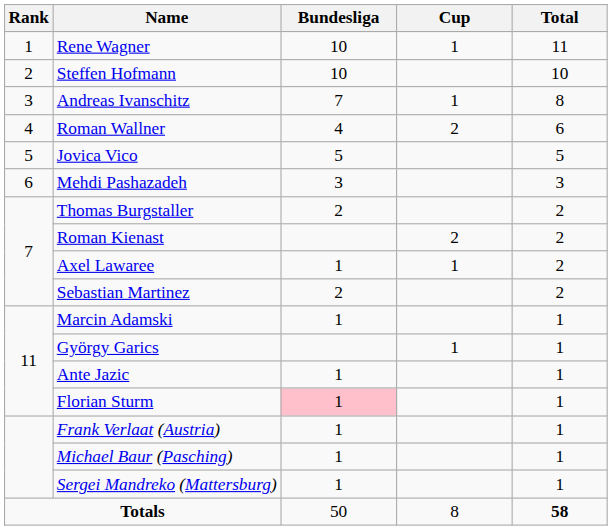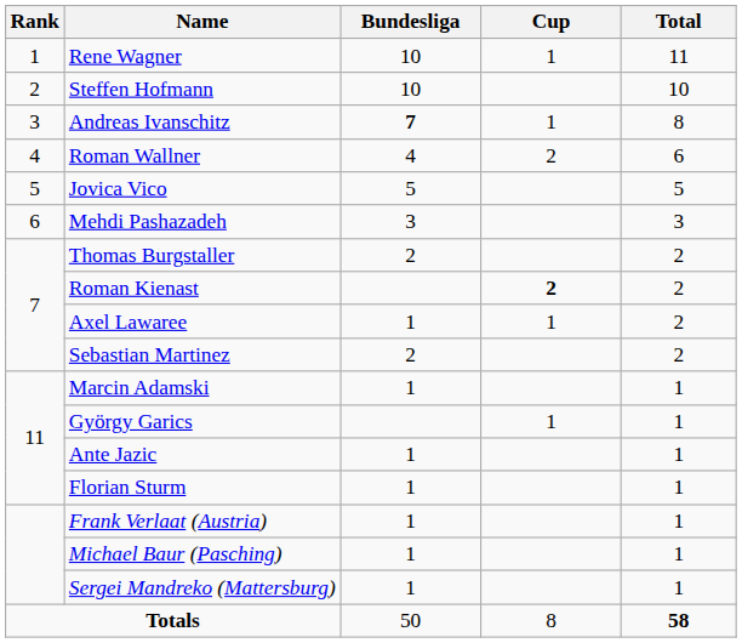 <table class="wikitable" style="text-align: center;">
 <tr>
 <th>Rank</th>
 <th>Name</th>
 <th width=100>Bundesliga</th>
 <th width=100>Cup</th>
 <th width=80><strong>Total</strong></th>
 </tr>
 <tr>
 <td>1</td>
 <td align="left"> <a href='#'>Rene Wagner</a></td>
 <td>10</td>
 <td>1</td>
 <td>11</td>
 </tr>
 <tr>
 <td>2</td>
 <td align="left"> <a href='#'>Steffen Hofmann</a></td>
 <td>10</td>
 <td></td>
 <td>10</td>
 </tr>
 <tr>
 <td>3</td>
 <td align="left"> <a href='#'>Andreas Ivanschitz</a></td>
-<td>7</td>
+<td><strong>7</strong></td>
 <td>1</td>
 <td>8</td>
 </tr>
 <tr>
 <td>4</td>
 <td align="left"> <a href='#'>Roman Wallner</a></td>
 <td>4</td>
 <td>2</td>
 <td>6</td>
 </tr>
 <tr>
 <td>5</td>
 <td align="left"> <a href='#'>Jovica Vico</a></td>
 <td>5</td>
 <td></td>
 <td>5</td>
 </tr>
 <tr>
 <td>6</td>
 <td align="left"> <a href='#'>Mehdi Pashazadeh</a></td>
 <td>3</td>
 <td></td>
 <td>3</td>
 </tr>
 <tr>
 <td rowspan="4">7</td>
 <td align="left"> <a href='#'>Thomas Burgstaller</a></td>
 <td>2</td>
 <td></td>
 <td>2</td>
 </tr>
 <tr>
 <td align="left"> <a href='#'>Roman Kienast</a></td>
 <td></td>
-<td>2</td>
+<td><strong>2</strong></td>
 <td>2</td>
 </tr>
 <tr>
 <td align="left"> <a href='#'>Axel Lawaree</a></td>
 <td>1</td>
 <td>1</td>
 <td>2</td>
 </tr>
 <tr>
 <td align="left"> <a href='#'>Sebastian Martinez</a></td>
 <td>2</td>
 <td></td>
 <td>2</td>
 </tr>
 <tr>
 <td rowspan="4">11</td>
 <td align="left"> <a href='#'>Marcin Adamski</a></td>
 <td>1</td>
 <td></td>
 <td>1</td>
 </tr>
 <tr>
 <td align="left"> <a href='#'>György Garics</a></td>
 <td></td>
 <td>1</td>
 <td>1</td>
 </tr>
 <tr>
 <td align="left"> <a href='#'>Ante Jazic</a></td>
 <td>1</td>
 <td></td>
 <td>1</td>
 </tr>
 <tr>
 <td align="left"> <a href='#'>Florian Sturm</a></td>
-<td style="background: pink;">1</td>
+<td>1</td>
 <td></td>
 <td>1</td>
 </tr>
 <tr>
 <td rowspan="3"></td>
 <td align="left"> <em><a href='#'>Frank Verlaat</a> (<a href='#'>Austria</a>)</em></td>
 <td>1</td>
 <td></td>
 <td>1</td>
 </tr>
 <tr>
 <td align="left"> <em><a href='#'>Michael Baur</a> (<a href='#'>Pasching</a>)</em></td>
 <td>1</td>
 <td></td>
 <td>1</td>
 </tr>
 <tr>
 <td align="left"> <em><a href='#'>Sergei Mandreko</a> (<a href='#'>Mattersburg</a>)</em></td>
 <td>1</td>
 <td></td>
 <td>1</td>
 </tr>
 <tr>
 <td colspan="2"><strong>Totals</strong></td>
 <td>50</td>
 <td>8</td>
 <td><strong>58</strong></td>
 </tr>
 </table>
